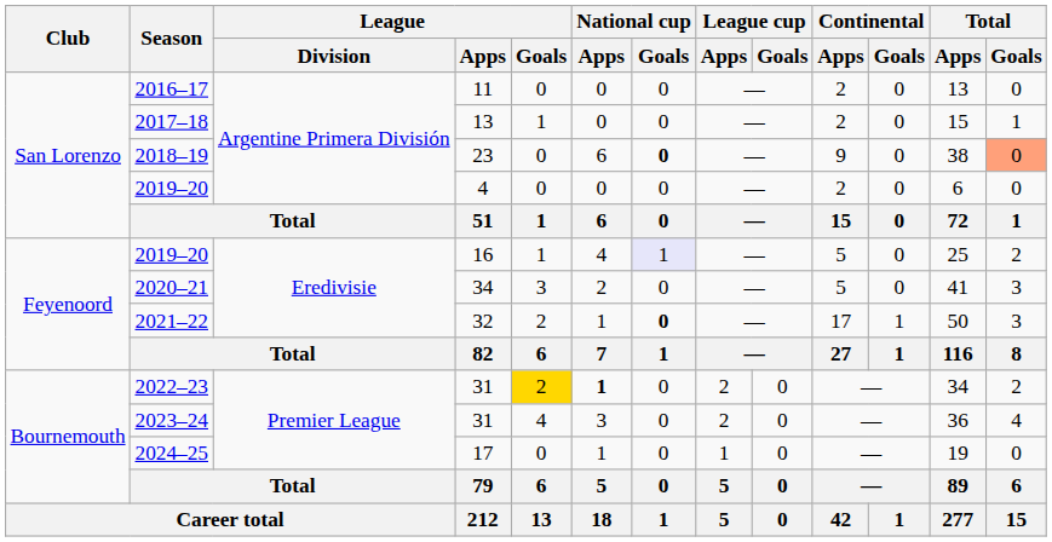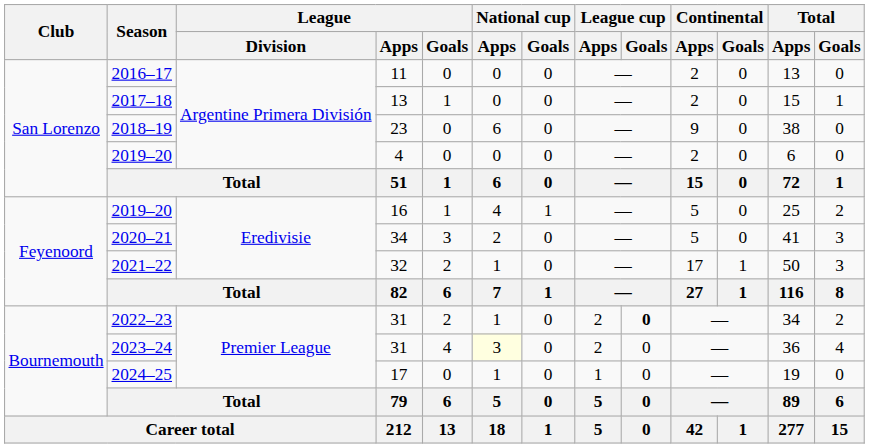 <table class="wikitable" style="text-align: center;">
 <tr>
 <th rowspan="2">Club</th>
 <th rowspan="2">Season</th>
 <th colspan="3">League</th>
 <th colspan="2">National cup</th>
 <th colspan="2">League cup</th>
 <th colspan="2">Continental</th>
 <th colspan="2">Total</th>
 </tr>
 <tr>
 <th>Division</th>
 <th>Apps</th>
 <th>Goals</th>
 <th>Apps</th>
 <th>Goals</th>
 <th>Apps</th>
 <th>Goals</th>
 <th>Apps</th>
 <th>Goals</th>
 <th>Apps</th>
 <th>Goals</th>
 </tr>
 <tr>
 <td rowspan="5"><a href='#'>San Lorenzo</a></td>
 <td><a href='#'>2016–17</a></td>
 <td rowspan="4"><a href='#'>Argentine Primera División</a></td>
 <td>11</td>
 <td>0</td>
 <td>0</td>
 <td>0</td>
 <td colspan="2">—</td>
 <td>2</td>
 <td>0</td>
 <td>13</td>
 <td>0</td>
 </tr>
 <tr>
 <td><a href='#'>2017–18</a></td>
 <td>13</td>
 <td>1</td>
 <td>0</td>
 <td>0</td>
 <td colspan="2">—</td>
 <td>2</td>
 <td>0</td>
 <td>15</td>
 <td>1</td>
 </tr>
 <tr>
 <td><a href='#'>2018–19</a></td>
 <td>23</td>
 <td>0</td>
 <td>6</td>
-<td><strong>0</strong></td>
+<td>0</td>
 <td colspan="2">—</td>
 <td>9</td>
 <td>0</td>
 <td>38</td>
-<td style="background: lightsalmon;">0</td>
+<td>0</td>
 </tr>
 <tr>
 <td><a href='#'>2019–20</a></td>
 <td>4</td>
 <td>0</td>
 <td>0</td>
 <td>0</td>
 <td colspan="2">—</td>
 <td>2</td>
 <td>0</td>
 <td>6</td>
 <td>0</td>
 </tr>
 <tr>
 <th colspan="2">Total</th>
 <th>51</th>
 <th>1</th>
 <th>6</th>
 <th>0</th>
 <th colspan="2">—</th>
 <th>15</th>
 <th>0</th>
 <th>72</th>
 <th>1</th>
 </tr>
 <tr>
 <td rowspan="4"><a href='#'>Feyenoord</a></td>
 <td><a href='#'>2019–20</a></td>
 <td rowspan="3"><a href='#'>Eredivisie</a></td>
 <td>16</td>
 <td>1</td>
 <td>4</td>
-<td style="background: lavender;">1</td>
+<td>1</td>
 <td colspan="2">—</td>
 <td>5</td>
 <td>0</td>
 <td>25</td>
 <td>2</td>
 </tr>
 <tr>
 <td><a href='#'>2020–21</a></td>
 <td>34</td>
 <td>3</td>
 <td>2</td>
 <td>0</td>
 <td colspan="2">—</td>
 <td>5</td>
 <td>0</td>
 <td>41</td>
 <td>3</td>
 </tr>
 <tr>
 <td><a href='#'>2021–22</a></td>
 <td>32</td>
 <td>2</td>
 <td>1</td>
-<td><strong>0</strong></td>
+<td>0</td>
 <td colspan="2">—</td>
 <td>17</td>
 <td>1</td>
 <td>50</td>
 <td>3</td>
 </tr>
 <tr>
 <th colspan="2">Total</th>
 <th>82</th>
 <th>6</th>
 <th>7</th>
 <th>1</th>
 <th colspan="2">—</th>
 <th>27</th>
 <th>1</th>
 <th>116</th>
 <th>8</th>
 </tr>
 <tr>
 <td rowspan="4"><a href='#'>Bournemouth</a></td>
 <td><a href='#'>2022–23</a></td>
 <td rowspan="3"><a href='#'>Premier League</a></td>
 <td>31</td>
-<td style="background: gold;">2</td>
-<td><strong>1</strong></td>
+<td>2</td>
+<td>1</td>
 <td>0</td>
 <td>2</td>
-<td>0</td>
+<td><strong>0</strong></td>
 <td colspan="2">—</td>
 <td>34</td>
 <td>2</td>
 </tr>
 <tr>
 <td><a href='#'>2023–24</a></td>
 <td>31</td>
 <td>4</td>
-<td>3</td>
+<td style="background: lightyellow;">3</td>
 <td>0</td>
 <td>2</td>
 <td>0</td>
 <td colspan="2">—</td>
 <td>36</td>
 <td>4</td>
 </tr>
 <tr>
 <td><a href='#'>2024–25</a></td>
 <td>17</td>
 <td>0</td>
 <td>1</td>
 <td>0</td>
 <td>1</td>
 <td>0</td>
 <td colspan="2">—</td>
 <td>19</td>
 <td>0</td>
 </tr>
 <tr>
 <th colspan="2">Total</th>
 <th>79</th>
 <th>6</th>
 <th>5</th>
 <th>0</th>
 <th>5</th>
 <th>0</th>
 <th colspan="2">—</th>
 <th>89</th>
 <th>6</th>
 </tr>
 <tr>
 <th colspan="3">Career total</th>
 <th>212</th>
 <th>13</th>
 <th>18</th>
 <th>1</th>
 <th>5</th>
 <th>0</th>
 <th>42</th>
 <th>1</th>
 <th>277</th>
 <th>15</th>
 </tr>
 </table>
